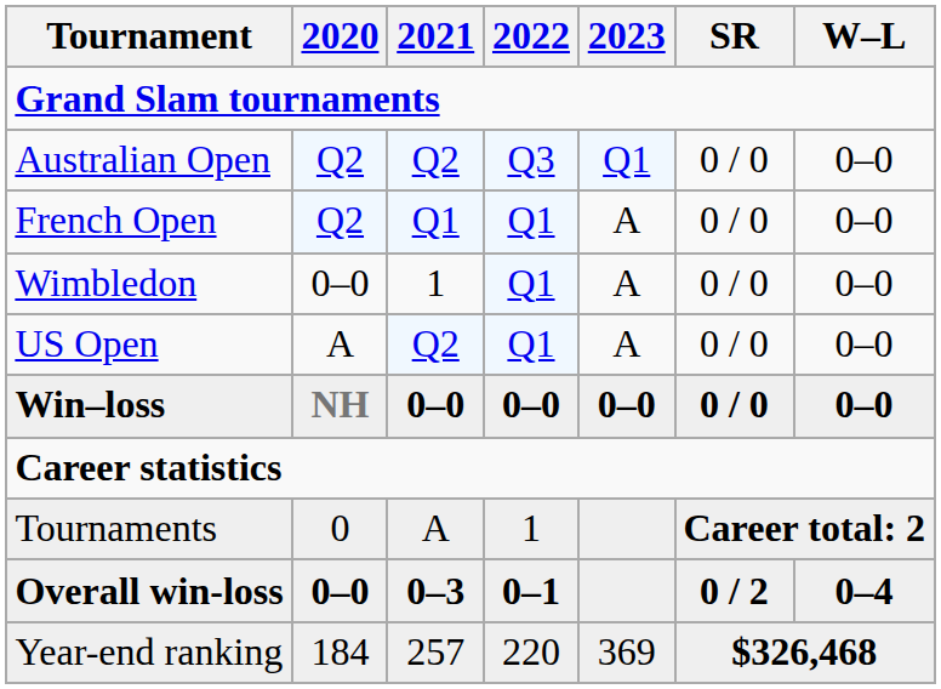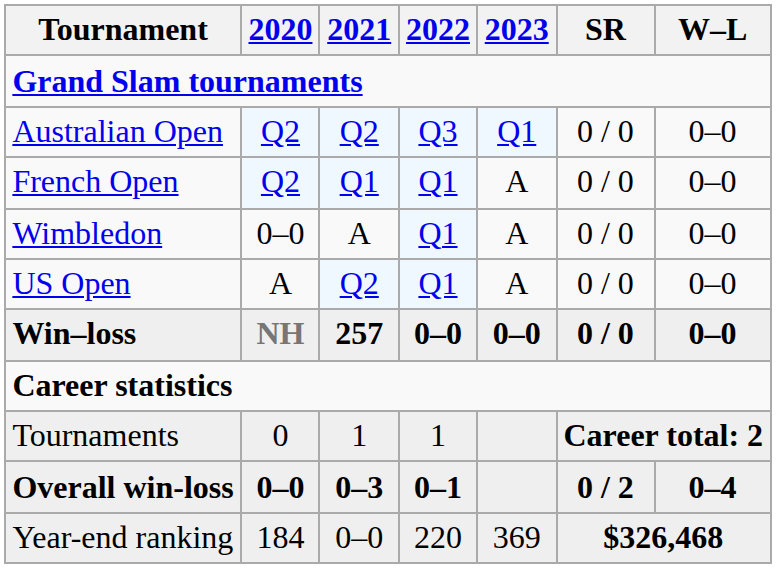 <table class="wikitable" style="text-align:center">
 <tr>
 <th>Tournament</th>
 <th><a href='#'>2020</a></th>
 <th><a href='#'>2021</a></th>
 <th><a href='#'>2022</a></th>
 <th><a href='#'>2023</a></th>
 <th>SR</th>
 <th>W–L</th>
 </tr>
 <tr>
 <td align=left colspan="8"><strong><a href='#'>Grand Slam tournaments</a></strong></td>
 </tr>
 <tr>
 <td align="left"><a href='#'>Australian Open</a></td>
 <td style="background:#f0f8ff"><a href='#'>Q2</a></td>
 <td style="background:#f0f8ff"><a href='#'>Q2</a></td>
 <td style="background:#f0f8ff"><a href='#'>Q3</a></td>
 <td style="background:#f0f8ff"><a href='#'>Q1</a></td>
 <td>0 / 0</td>
 <td>0–0</td>
 </tr>
 <tr>
 <td align="left"><a href='#'>French Open</a></td>
 <td style="background:#f0f8ff"><a href='#'>Q2</a></td>
 <td style="background:#f0f8ff"><a href='#'>Q1</a></td>
 <td style="background:#f0f8ff"><a href='#'>Q1</a></td>
 <td>A</td>
 <td>0 / 0</td>
 <td>0–0</td>
 </tr>
 <tr>
 <td align="left"><a href='#'>Wimbledon</a></td>
 <td>0–0</td>
-<td>1</td>
+<td>A</td>
 <td bgcolor="f0f8ff"><a href='#'>Q1</a></td>
 <td>A</td>
 <td>0 / 0</td>
 <td>0–0</td>
 </tr>
 <tr>
 <td align="left"><a href='#'>US Open</a></td>
 <td>A</td>
 <td style="background:#f0f8ff"><a href='#'>Q2</a></td>
 <td bgcolor="f0f8ff"><a href='#'>Q1</a></td>
 <td>A</td>
 <td>0 / 0</td>
 <td>0–0</td>
 </tr>
 <tr style="background:#efefef;font-weight:bold">
 <td style="text-align:left">Win–loss</td>
 <td style="color:#767676">NH</td>
-<td>0–0</td>
+<td>257</td>
 <td>0–0</td>
 <td>0–0</td>
 <td>0 / 0</td>
 <td>0–0</td>
 </tr>
 <tr>
 <td align=left colspan="8"><strong>Career statistics</strong></td>
 </tr>
 <tr bgcolor=efefef>
 <td align=left>Tournaments</td>
 <td>0</td>
-<td>A</td>
+<td>1</td>
 <td>1</td>
 <td></td>
 <td colspan="3"><strong>Career total: 2</strong></td>
 </tr>
 <tr style="background:#efefef;font-weight:bold">
 <td align=left>Overall win-loss</td>
 <td>0–0</td>
 <td>0–3</td>
 <td>0–1</td>
 <td></td>
 <td>0 / 2</td>
 <td>0–4</td>
 </tr>
 <tr bgcolor=efefef>
 <td align=left>Year-end ranking</td>
 <td>184</td>
-<td>257</td>
+<td>0–0</td>
 <td>220</td>
 <td>369</td>
 <td colspan="3"><strong>$326,468</strong></td>
 </tr>
 </table>
